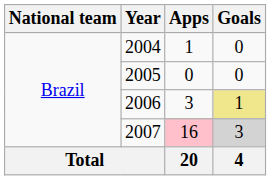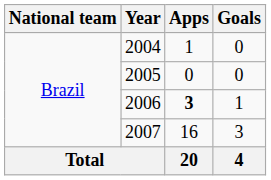 <table class="wikitable" style="text-align:center">
 <tr>
 <th>National team</th>
 <th>Year</th>
 <th>Apps</th>
 <th>Goals</th>
 </tr>
 <tr>
 <td rowspan="4"><a href='#'>Brazil</a></td>
 <td>2004</td>
 <td>1</td>
 <td>0</td>
 </tr>
 <tr>
 <td>2005</td>
 <td>0</td>
 <td>0</td>
 </tr>
 <tr>
 <td>2006</td>
-<td>3</td>
-<td style="background: khaki;">1</td>
+<td><strong>3</strong></td>
+<td>1</td>
 </tr>
 <tr>
 <td>2007</td>
-<td style="background: pink;">16</td>
-<td style="background: lightgrey;">3</td>
+<td>16</td>
+<td>3</td>
 </tr>
 <tr>
 <th colspan="2">Total</th>
 <th>20</th>
 <th>4</th>
 </tr>
 </table>
